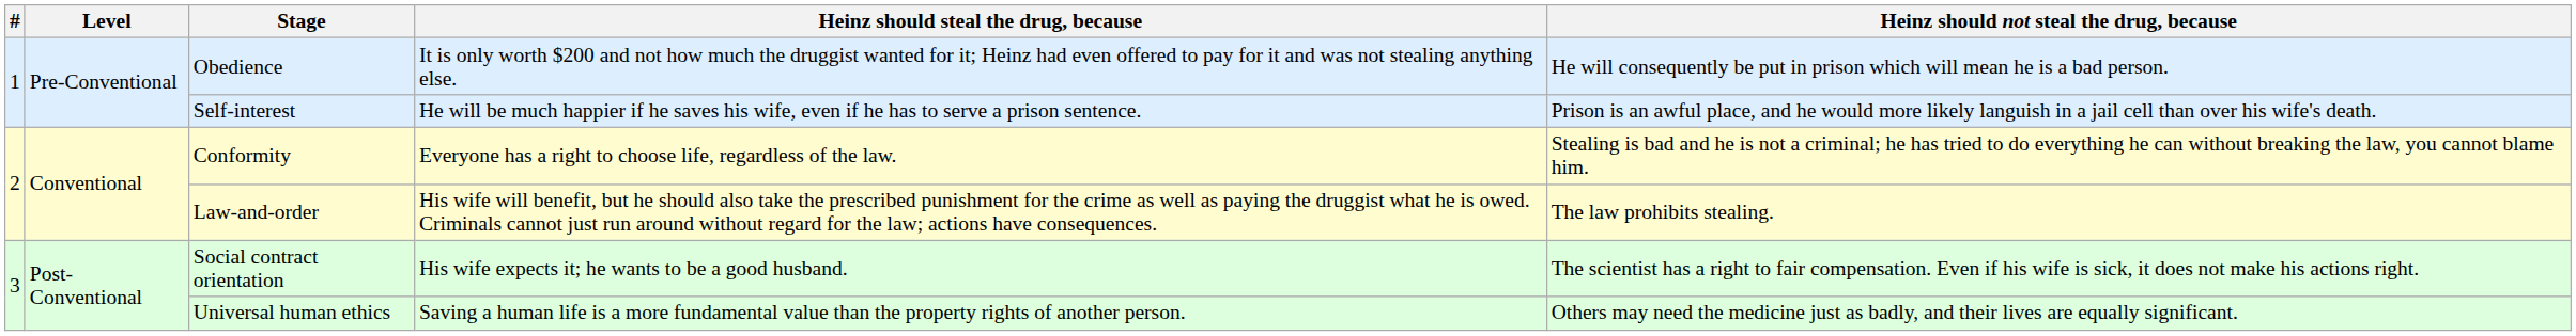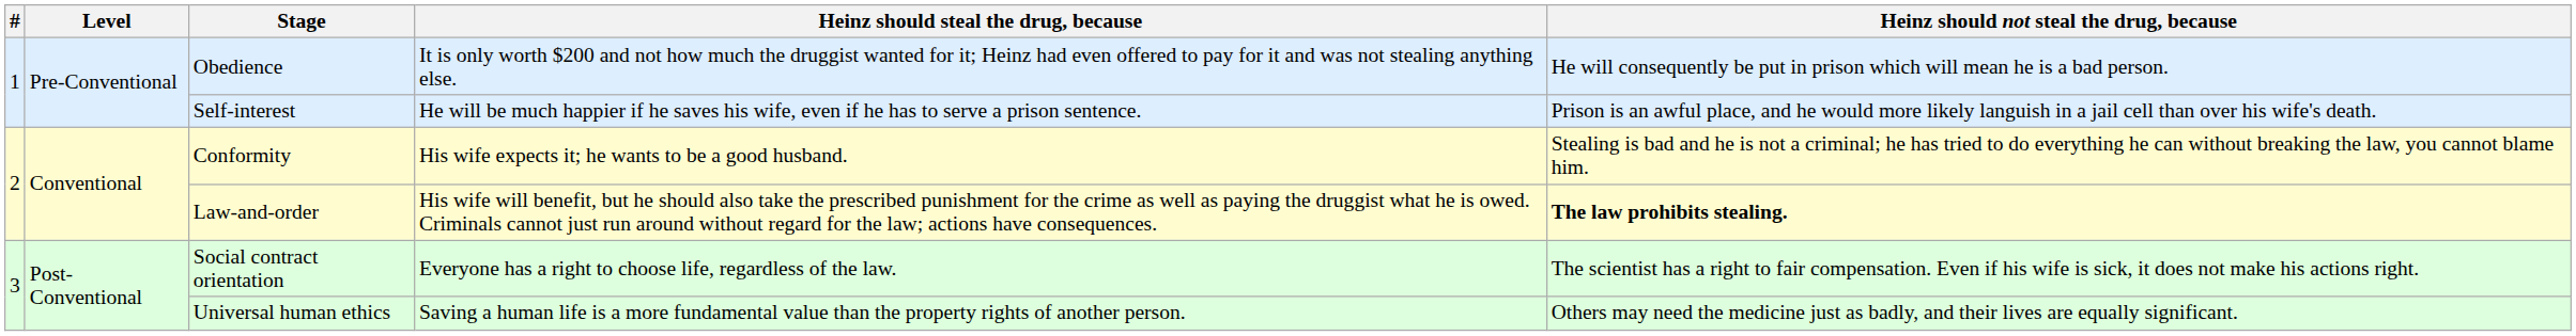 <table class="wikitable">
 <tr>
 <th>#</th>
 <th>Level</th>
 <th>Stage</th>
 <th>Heinz should steal the drug, because</th>
 <th>Heinz should <em>not</em> steal the drug, because</th>
 </tr>
 <tr style="background:#def;">
 <td rowspan="2">1</td>
 <td rowspan="2">Pre-Conventional</td>
 <td>Obedience</td>
 <td>It is only worth $200 and not how much the druggist wanted for it; Heinz had even offered to pay for it and was not stealing anything else.</td>
 <td>He will consequently be put in prison which will mean he is a bad person.</td>
 </tr>
 <tr style="background:#def;">
 <td>Self-interest</td>
 <td>He will be much happier if he saves his wife, even if he has to serve a prison sentence.</td>
 <td>Prison is an awful place, and he would more likely languish in a jail cell than over his wife's death.</td>
 </tr>
 <tr style="background:#FFFDD0;">
 <td rowspan="2">2</td>
 <td rowspan="2">Conventional</td>
 <td>Conformity</td>
-<td>Everyone has a right to choose life, regardless of the law.</td>
+<td>His wife expects it; he wants to be a good husband.</td>
 <td>Stealing is bad and he is not a criminal; he has tried to do everything he can without breaking the law, you cannot blame him.</td>
 </tr>
 <tr style="background:#FFFDD0;">
 <td>Law-and-order</td>
 <td>His wife will benefit, but he should also take the prescribed punishment for the crime as well as paying the druggist what he is owed.<br>Criminals cannot just run around without regard for the law; actions have consequences.</td>
-<td>The law prohibits stealing.</td>
+<td><strong>The law prohibits stealing.</strong></td>
 </tr>
 <tr style="background:#dfd;">
 <td rowspan="2">3</td>
 <td rowspan="2">Post-Conventional</td>
 <td>Social contract orientation</td>
-<td>His wife expects it; he wants to be a good husband.</td>
+<td>Everyone has a right to choose life, regardless of the law.</td>
 <td>The scientist has a right to fair compensation. Even if his wife is sick, it does not make his actions right.</td>
 </tr>
 <tr style="background:#dfd;">
 <td>Universal human ethics</td>
 <td>Saving a human life is a more fundamental value than the property rights of another person.</td>
 <td>Others may need the medicine just as badly, and their lives are equally significant.</td>
 </tr>
 </table>
